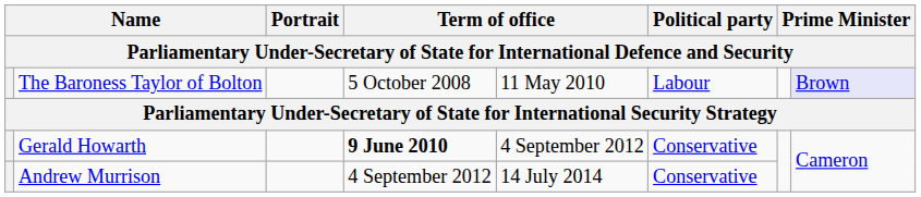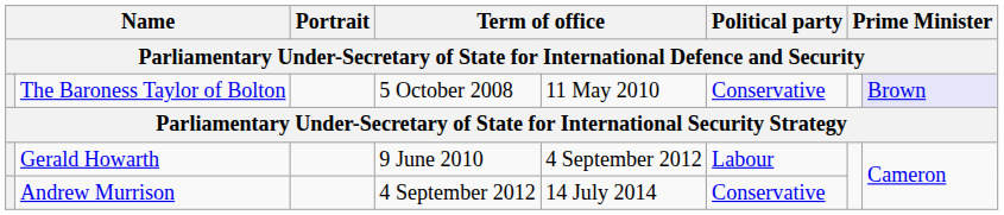 <table class="wikitable">
 <tr>
 <th colspan="2">Name</th>
 <th>Portrait</th>
 <th colspan="2">Term of office</th>
 <th>Political party</th>
 <th colspan="2">Prime Minister</th>
 </tr>
 <tr>
 <th colspan="8">Parliamentary Under-Secretary of State for International Defence and Security</th>
 </tr>
 <tr>
 <th style="background-color: "></th>
 <td><a href='#'>The Baroness Taylor of Bolton</a></td>
 <td></td>
 <td>5 October 2008</td>
 <td>11 May 2010</td>
-<td><a href='#'>Labour</a></td>
+<td><a href='#'>Conservative</a></td>
 <td style="background-color: "></td>
 <td style="background: lavender;"><a href='#'>Brown</a></td>
 </tr>
 <tr>
 <th colspan="8">Parliamentary Under-Secretary of State for International Security Strategy</th>
 </tr>
 <tr>
 <th style="background-color: "></th>
 <td><a href='#'>Gerald Howarth</a></td>
 <td></td>
-<td><strong>9 June 2010</strong></td>
+<td>9 June 2010</td>
 <td>4 September 2012</td>
-<td><a href='#'>Conservative</a></td>
+<td><a href='#'>Labour</a></td>
 <td rowspan="2" style="background-color: "></td>
 <td rowspan="2"><a href='#'>Cameron</a></td>
 </tr>
 <tr>
 <th style="background-color: "></th>
 <td><a href='#'>Andrew Murrison</a></td>
 <td></td>
 <td>4 September 2012</td>
 <td>14 July 2014</td>
 <td><a href='#'>Conservative</a></td>
 </tr>
 </table>
